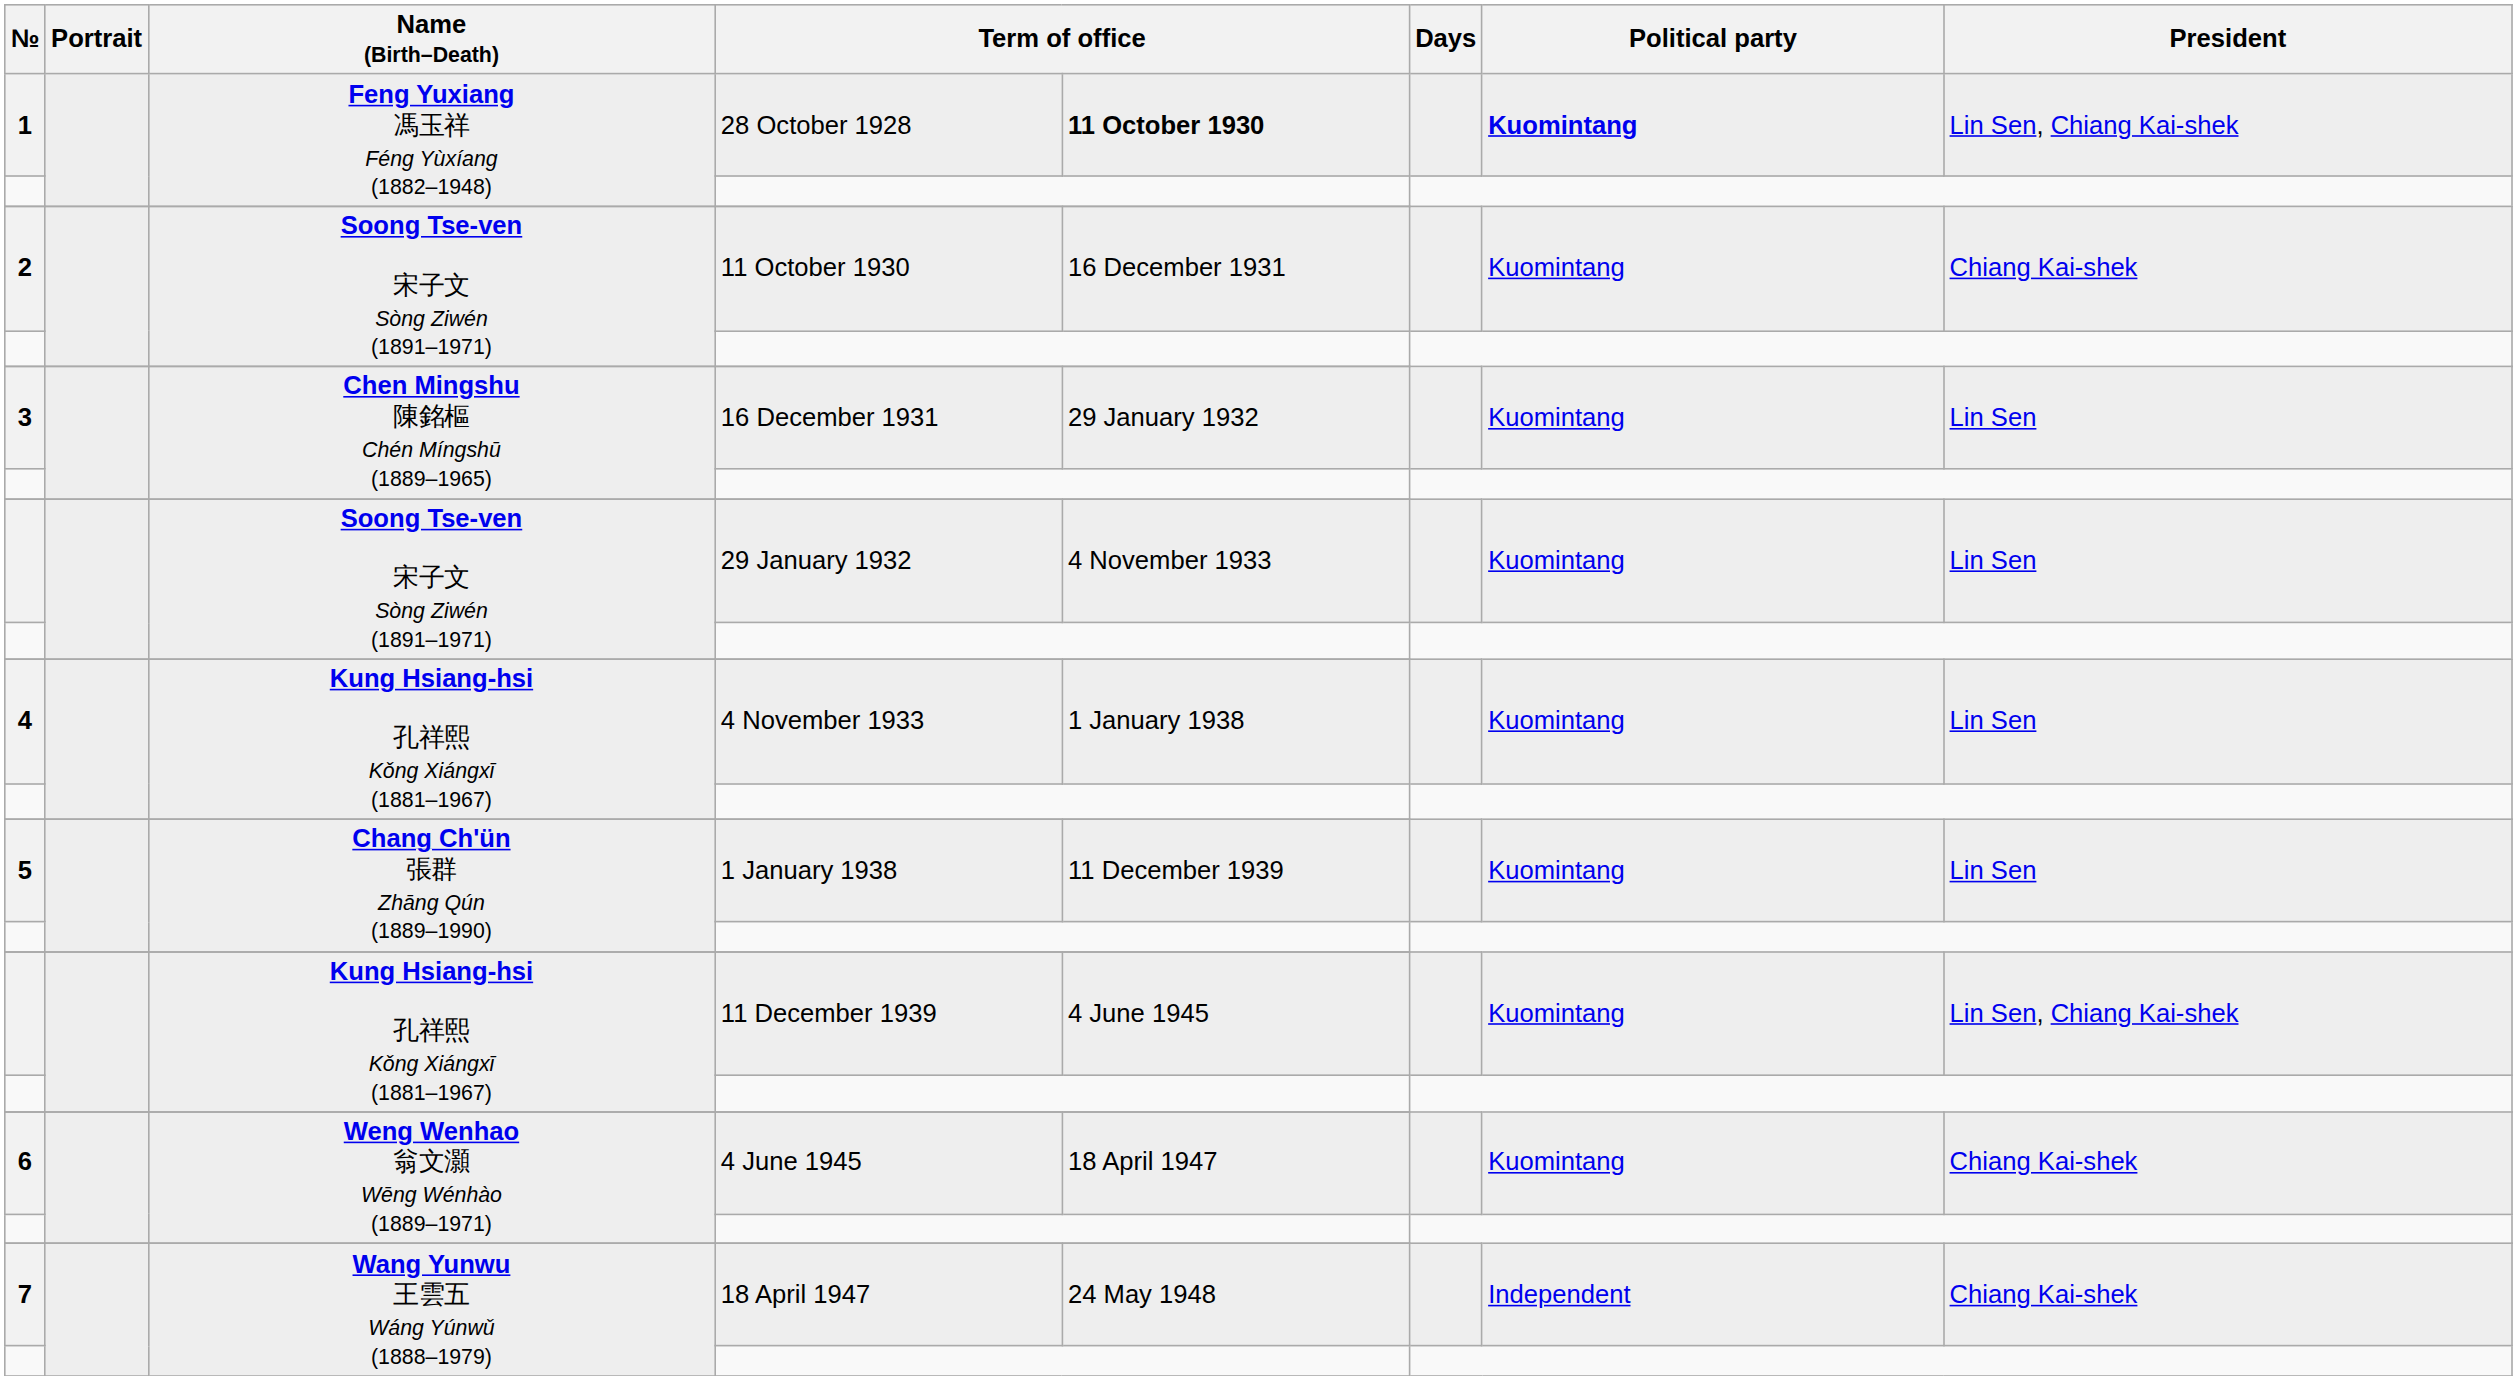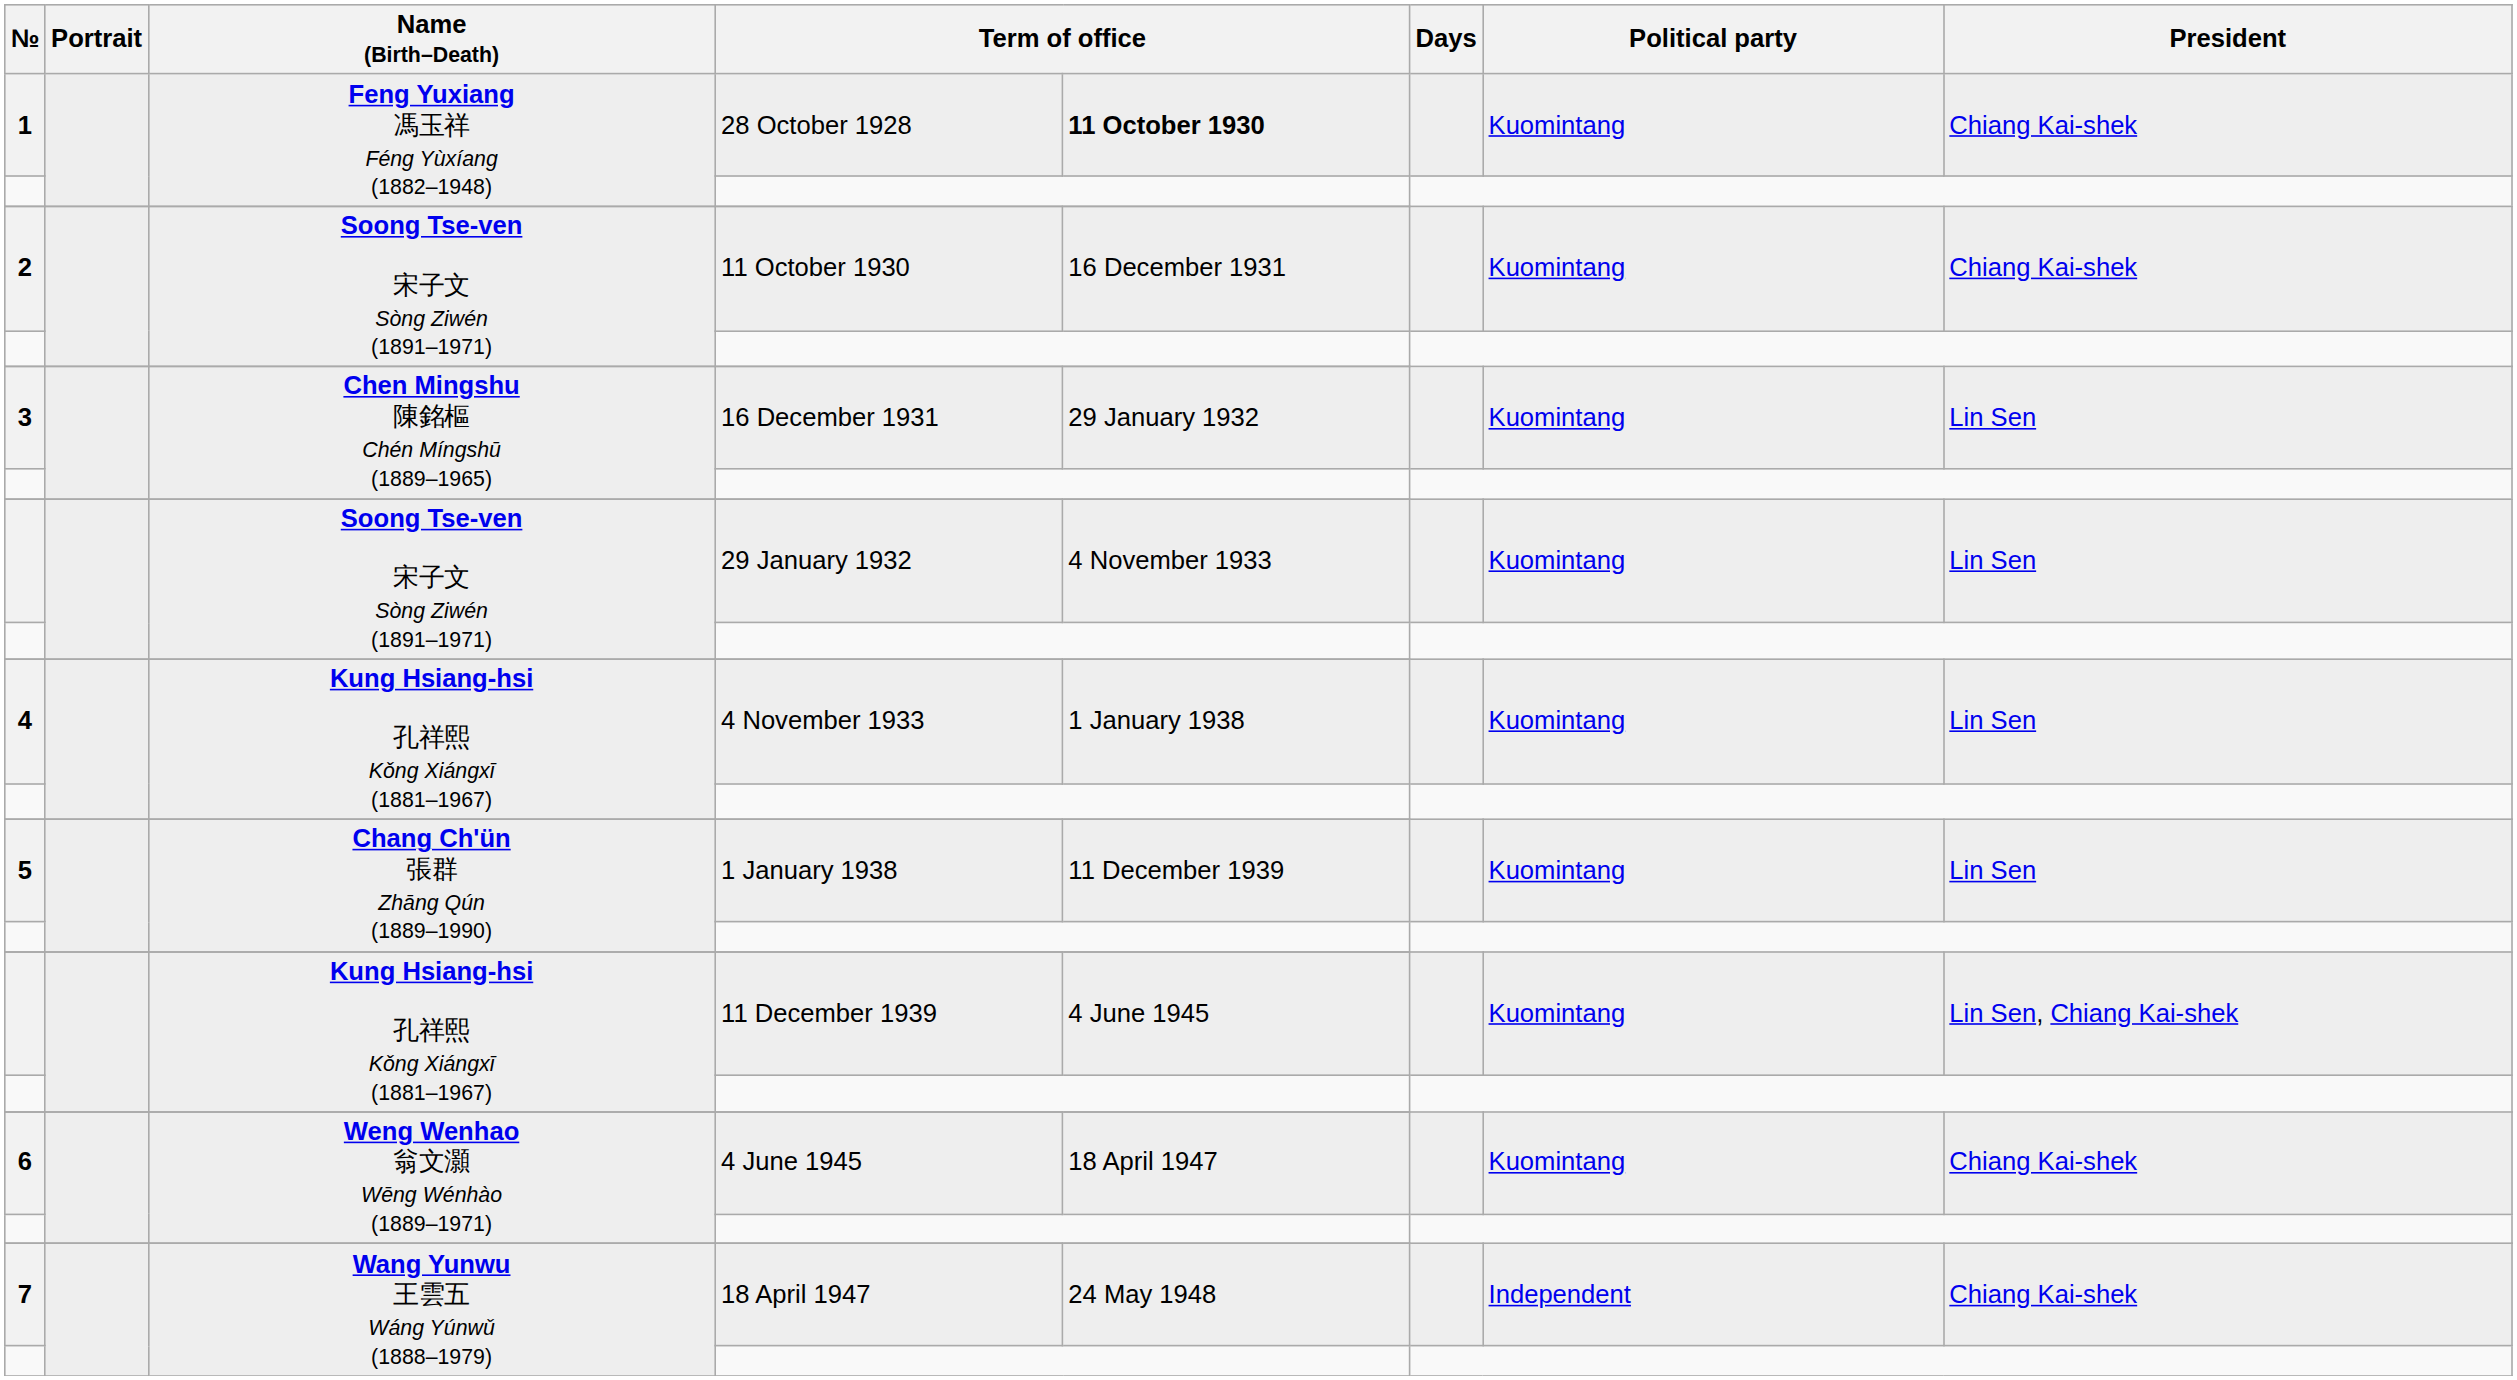 <table class="wikitable">
 <tr ->
 <th>№</th>
 <th>Portrait</th>
 <th width=25%>Name<br><small>(Birth–Death)</small></th>
 <th colspan=2 width=30%>Term of office</th>
 <th>Days</th>
 <th width=20%>Political party</th>
 <th width=35%>President</th>
 </tr>
 <tr - bgcolor=#EEEEEE>
 <th style="background:">1</th>
 <td rowspan=2 align=center></td>
 <td rowspan=2 align=center><strong><a href='#'>Feng Yuxiang</a></strong><br><span>馮玉祥</span><br><small><em>Féng Yùxíang</em><br>(1882–1948)</small></td>
 <td>28 October 1928</td>
 <td><strong>11 October 1930</strong></td>
 <td></td>
-<td><strong><a href='#'>Kuomintang</a></strong></td>
-<td><a href='#'>Lin Sen</a>, <a href='#'>Chiang Kai-shek</a></td>
+<td><a href='#'>Kuomintang</a></td>
+<td><a href='#'>Chiang Kai-shek</a></td>
 </tr>
 <tr>
 <td colspan=5></td>
 </tr>
 <tr ->
 </tr>
 <tr - bgcolor=#EEEEEE>
 <th style="background:">2</th>
 <td rowspan=2 align=center></td>
 <td rowspan=2 align=center><strong><a href='#'>Soong Tse-ven<br></a></strong><br><span>宋子文</span><br><small><em>Sòng Ziwén</em><br>(1891–1971)</small></td>
 <td>11 October 1930</td>
 <td>16 December 1931</td>
 <td></td>
 <td><a href='#'>Kuomintang</a></td>
 <td><a href='#'>Chiang Kai-shek</a></td>
 </tr>
 <tr>
 <td colspan=5></td>
 </tr>
 <tr ->
 </tr>
 <tr - bgcolor=#EEEEEE>
 <th style="background:">3</th>
 <td rowspan=2 align=center></td>
 <td rowspan=2 align=center><strong><a href='#'>Chen Mingshu</a></strong><br><span>陳銘樞</span><br><small><em>Chén Míngshū</em><br>(1889–1965)</small></td>
 <td>16 December 1931</td>
 <td>29 January 1932</td>
 <td></td>
 <td><a href='#'>Kuomintang</a></td>
 <td><a href='#'>Lin Sen</a></td>
 </tr>
 <tr>
 <td colspan=5></td>
 </tr>
 <tr ->
 </tr>
 <tr - bgcolor=#EEEEEE>
 <th style="background:"></th>
 <td rowspan=2 align=center></td>
 <td rowspan=2 align=center><strong><a href='#'>Soong Tse-ven<br></a></strong><br><span>宋子文</span><br><small><em>Sòng Ziwén</em><br>(1891–1971)</small></td>
 <td>29 January 1932</td>
 <td>4 November 1933</td>
 <td></td>
 <td><a href='#'>Kuomintang</a></td>
 <td><a href='#'>Lin Sen</a></td>
 </tr>
 <tr>
 <td colspan=5></td>
 </tr>
 <tr ->
 </tr>
 <tr - bgcolor=#EEEEEE>
 <th style="background:">4</th>
 <td rowspan=2 align=center></td>
 <td rowspan=2 align=center><strong><a href='#'>Kung Hsiang-hsi<br></a></strong><br><span>孔祥熙</span><br><small><em>Kǒng Xiángxī</em><br>(1881–1967)</small></td>
 <td>4 November 1933</td>
 <td>1 January 1938</td>
 <td></td>
 <td><a href='#'>Kuomintang</a></td>
 <td><a href='#'>Lin Sen</a></td>
 </tr>
 <tr>
 <td colspan=5></td>
 </tr>
 <tr ->
 </tr>
 <tr - bgcolor=#EEEEEE>
 <th style="background:">5</th>
 <td rowspan=2 align=center></td>
 <td rowspan=2 align=center><strong><a href='#'>Chang Ch'ün</a></strong><br><span>張群</span><br><small><em>Zhāng Qún</em><br>(1889–1990)</small></td>
 <td>1 January 1938</td>
 <td>11 December 1939</td>
 <td></td>
 <td><a href='#'>Kuomintang</a></td>
 <td><a href='#'>Lin Sen</a></td>
 </tr>
 <tr>
 <td colspan=5></td>
 </tr>
 <tr ->
 </tr>
 <tr - bgcolor=#EEEEEE>
 <th style="background:"></th>
 <td rowspan=2 align=center></td>
 <td rowspan=2 align=center><strong><a href='#'>Kung Hsiang-hsi<br></a></strong><br><span>孔祥熙</span><br><small><em>Kǒng Xiángxī</em><br>(1881–1967)</small></td>
 <td>11 December 1939</td>
 <td>4 June 1945</td>
 <td></td>
 <td><a href='#'>Kuomintang</a></td>
 <td><a href='#'>Lin Sen</a>, <a href='#'>Chiang Kai-shek</a></td>
 </tr>
 <tr>
 <td colspan=5></td>
 </tr>
 <tr ->
 </tr>
 <tr - bgcolor=#EEEEEE>
 <th style="background:">6</th>
 <td rowspan=2 align=center></td>
 <td rowspan=2 align=center><strong><a href='#'>Weng Wenhao</a></strong><br><span>翁文灝</span><br><small><em>Wēng Wénhào</em><br>(1889–1971)</small></td>
 <td>4 June 1945</td>
 <td>18 April 1947</td>
 <td></td>
 <td><a href='#'>Kuomintang</a></td>
 <td><a href='#'>Chiang Kai-shek</a></td>
 </tr>
 <tr>
 <td colspan=5></td>
 </tr>
 <tr ->
 </tr>
 <tr - bgcolor=#EEEEEE>
 <th style="background:">7</th>
 <td rowspan=2 align=center></td>
 <td rowspan=2 align=center><strong><a href='#'>Wang Yunwu</a></strong><br><span>王雲五</span><br><small><em>Wáng Yúnwǔ</em><br>(1888–1979)</small></td>
 <td>18 April 1947</td>
 <td>24 May 1948</td>
 <td></td>
 <td><a href='#'>Independent</a></td>
 <td><a href='#'>Chiang Kai-shek</a></td>
 </tr>
 <tr>
 <td colspan=5></td>
 </tr>
 </table>
